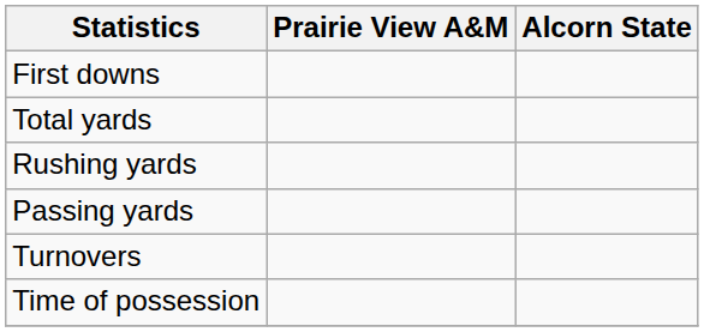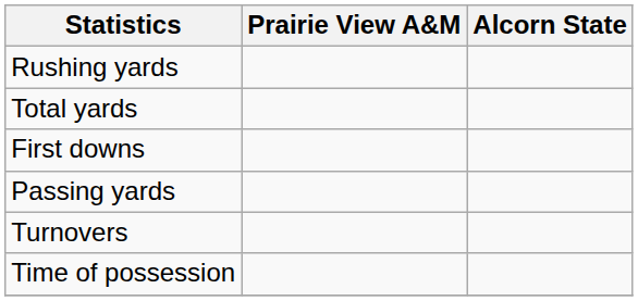 <table class="wikitable">
 <tr>
 <th>Statistics</th>
 <th>Prairie View A&M</th>
 <th>Alcorn State</th>
 </tr>
 <tr>
-<td>First downs</td>
+<td>Rushing yards</td>
 <td> </td>
 <td> </td>
 </tr>
 <tr>
 <td>Total yards</td>
 <td> </td>
 <td> </td>
 </tr>
 <tr>
-<td>Rushing yards</td>
+<td>First downs</td>
 <td> </td>
 <td> </td>
 </tr>
 <tr>
 <td>Passing yards</td>
 <td> </td>
 <td> </td>
 </tr>
 <tr>
 <td>Turnovers</td>
 <td> </td>
 <td> </td>
 </tr>
 <tr>
 <td>Time of possession</td>
 <td> </td>
 <td> </td>
 </tr>
 <tr>
 </tr>
 </table>
